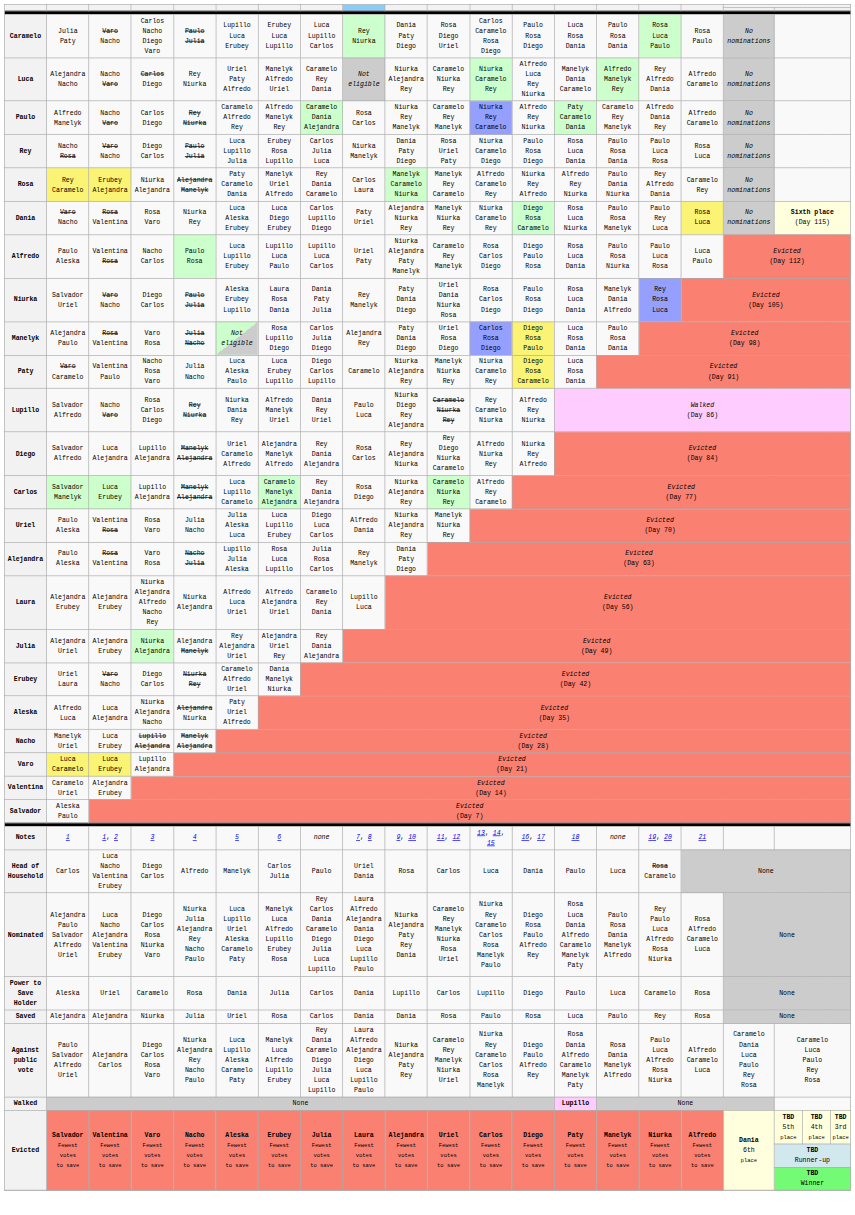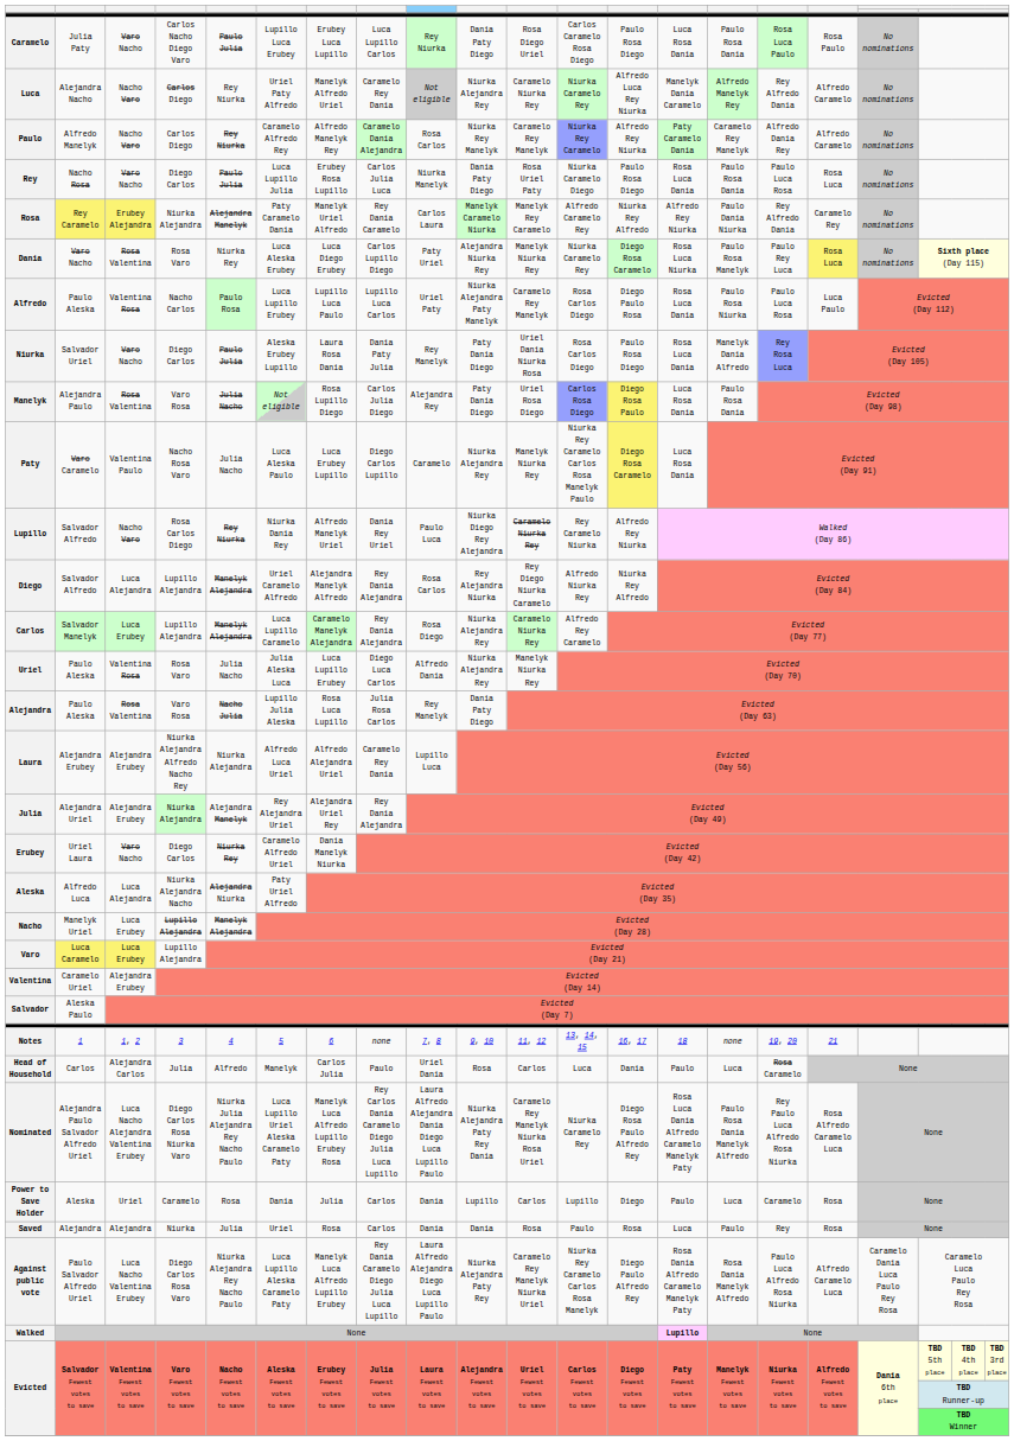 <table class="wikitable" style="text-align:center; width:100%; font-size:75%; line-height:15px">
 <tr>
 <th rowspan=2 style=width:5%></th>
 <th scope=col rowspan=2 style=width:5%></th>
 <th scope=col rowspan=2 style=width:5%></th>
 <th scope=col rowspan=2 style=width:5%></th>
 <th scope=col rowspan=2 style=width:5%></th>
 <th scope=col rowspan=2 style=width:5%></th>
 <th scope=col rowspan=2 style=width:5%></th>
 <th scope=col rowspan=2 style=width:5%></th>
 <th rowspan=2 style=background:#87CEFA;width:5%;></th>
 <th scope=col rowspan=2 style=width:5%></th>
 <th scope=col rowspan=2 style=width:5%></th>
 <th scope=col rowspan=2 style=width:5%></th>
 <th scope=col rowspan=2 style=width:5%></th>
 <th scope=col rowspan=2 style=width:5%></th>
 <th scope=col rowspan=2 style=width:5%></th>
 <th scope=col rowspan=2 style=width:5%></th>
 <th scope=col rowspan=2 style=width:5%></th>
 <th colspan=4 style=width:10%></th>
 </tr>
 <tr>
 <th scope=col style=width:6%;></th>
 <th colspan=3 style=width:10%></th>
 </tr>
 <tr>
 <th style=background:#000000; colspan=21></th>
 </tr>
 <tr>
 <th>Caramelo</th>
 <td>Julia<br>Paty</td>
 <td><s>Varo</s><br>Nacho</td>
 <td>Carlos<br>Nacho<br>Diego<br>Varo</td>
 <td><s>Paulo<br>Julia</s></td>
 <td>Lupillo<br>Luca<br>Erubey</td>
 <td>Erubey<br>Luca<br>Lupillo</td>
 <td>Luca<br>Lupillo<br>Carlos</td>
 <td style=background:#cfc;>Rey<br>Niurka</td>
 <td>Dania<br>Paty<br>Diego</td>
 <td>Rosa<br>Diego<br>Uriel</td>
 <td>Carlos<br>Caramelo<br>Rosa<br>Diego</td>
 <td>Paulo<br>Rosa<br>Diego</td>
 <td>Luca<br>Rosa<br>Dania</td>
 <td>Paulo<br>Rosa<br>Dania</td>
 <td style=background:#cfc;>Rosa<br>Luca<br>Paulo</td>
 <td>Rosa<br>Paulo</td>
 <td style=background:#CCCCCC;><em>No<br>nominations</em></td>
 <td colspan=3></td>
 </tr>
 <tr>
 <th>Luca</th>
 <td>Alejandra<br>Nacho</td>
 <td>Nacho<br><s>Varo</s></td>
 <td><s>Carlos</s><br>Diego</td>
 <td>Rey<br>Niurka</td>
 <td>Uriel<br>Paty<br>Alfredo</td>
 <td>Manelyk<br>Alfredo<br>Uriel</td>
 <td>Caramelo<br>Rey<br>Dania</td>
 <td style=background:#CCCCCC><em>Not<br>eligible</em></td>
 <td>Niurka<br>Alejandra<br>Rey</td>
 <td>Caramelo<br>Niurka<br>Rey</td>
 <td style=background:#cfc;>Niurka<br>Caramelo<br>Rey</td>
 <td>Alfredo<br>Luca<br>Rey<br>Niurka</td>
 <td>Manelyk<br>Dania<br>Caramelo</td>
 <td style=background:#cfc;>Alfredo<br>Manelyk<br>Rey</td>
 <td>Rey<br>Alfredo<br>Dania</td>
 <td>Alfredo<br>Caramelo</td>
 <td style=background:#CCCCCC;><em>No<br>nominations</em></td>
 <td colspan=3></td>
 </tr>
 <tr>
 <th>Paulo</th>
 <td>Alfredo<br>Manelyk</td>
 <td>Nacho<br><s>Varo</s></td>
 <td>Carlos<br>Diego</td>
 <td><s>Rey<br>Niurka</s></td>
 <td>Caramelo<br>Alfredo<br>Rey</td>
 <td>Alfredo<br>Manelyk<br>Rey</td>
 <td style=background:#cfc;>Caramelo<br>Dania<br>Alejandra</td>
 <td>Rosa<br>Carlos</td>
 <td>Niurka<br>Rey<br>Manelyk</td>
 <td>Caramelo<br>Rey<br>Manelyk</td>
 <td style=background:#959ffd>Niurka<br>Rey<br>Caramelo</td>
 <td>Alfredo<br>Rey<br>Niurka</td>
 <td style=background:#cfc;>Paty<br>Caramelo<br>Dania</td>
 <td>Caramelo<br>Rey<br>Manelyk</td>
 <td>Alfredo<br>Dania<br>Rey</td>
 <td>Alfredo<br>Caramelo</td>
 <td style=background:#CCCCCC;><em>No<br>nominations</em></td>
 <td colspan=3></td>
 </tr>
 <tr>
 <th>Rey</th>
 <td>Nacho<br><s>Rosa</s></td>
 <td><s>Varo</s><br>Nacho</td>
 <td>Diego<br>Carlos</td>
 <td><s>Paulo<br>Julia</s></td>
 <td>Luca<br>Lupillo<br>Julia</td>
 <td>Erubey<br>Rosa<br>Lupillo</td>
 <td>Carlos<br>Julia<br>Luca</td>
 <td>Niurka<br>Manelyk</td>
 <td>Dania<br>Paty<br>Diego</td>
 <td>Rosa<br>Uriel<br>Paty</td>
 <td>Niurka<br>Caramelo<br>Diego</td>
 <td>Paulo<br>Rosa<br>Diego</td>
 <td>Rosa<br>Luca<br>Dania</td>
 <td>Paulo<br>Rosa<br>Dania</td>
 <td>Paulo<br>Luca<br>Rosa</td>
 <td>Rosa<br>Luca</td>
 <td style=background:#CCCCCC;><em>No<br>nominations</em></td>
 <td colspan=3></td>
 </tr>
 <tr>
 <th>Rosa</th>
 <td style=background:#FBF373>Rey<br>Caramelo</td>
 <td style=background:#FBF373>Erubey<br>Alejandra</td>
 <td>Niurka<br>Alejandra</td>
 <td><s>Alejandra<br>Manelyk</s></td>
 <td>Paty<br>Caramelo<br>Dania</td>
 <td>Manelyk<br>Uriel<br>Alfredo</td>
 <td>Rey<br>Dania<br>Caramelo</td>
 <td>Carlos<br>Laura</td>
 <td style=background:#cfc;>Manelyk<br>Caramelo<br>Niurka</td>
 <td>Manelyk<br>Rey<br>Caramelo</td>
 <td>Alfredo<br>Caramelo<br>Rey</td>
 <td>Niurka<br>Rey<br>Alfredo</td>
 <td>Alfredo<br>Rey<br>Niurka</td>
 <td>Paulo<br>Dania<br>Niurka</td>
 <td>Rey<br>Alfredo<br>Dania</td>
 <td>Caramelo<br>Rey</td>
 <td style=background:#CCCCCC;><em>No<br>nominations</em></td>
 <td colspan=3></td>
 </tr>
 <tr>
 <th>Dania</th>
 <td><s>Varo</s><br>Nacho</td>
 <td><s>Rosa</s><br>Valentina</td>
 <td>Rosa<br>Varo</td>
 <td>Niurka<br>Rey</td>
 <td>Luca<br>Aleska<br>Erubey</td>
 <td>Luca<br>Diego<br>Erubey</td>
 <td>Carlos<br>Lupillo<br>Diego</td>
 <td>Paty<br>Uriel</td>
 <td>Alejandra<br>Niurka<br>Rey</td>
 <td>Manelyk<br>Niurka<br>Rey</td>
 <td>Niurka<br>Caramelo<br>Rey</td>
 <td style=background:#cfc;>Diego<br>Rosa<br>Caramelo</td>
 <td>Rosa<br>Luca<br>Niurka</td>
 <td>Paulo<br>Rosa<br>Manelyk</td>
 <td>Paulo<br>Rey<br>Luca</td>
 <td style=background:#FBF373>Rosa<br>Luca</td>
 <td style=background:#CCCCCC;><em>No<br>nominations</em></td>
 <td colspan=3 style=background:#FFFFDD;><strong>Sixth place</strong><br>(Day 115)</td>
 </tr>
 <tr>
 <th>Alfredo</th>
 <td>Paulo<br>Aleska</td>
 <td>Valentina<br><s>Rosa</s></td>
 <td>Nacho<br>Carlos</td>
 <td style=background:#cfc;>Paulo<br>Rosa</td>
 <td>Luca<br>Lupillo<br>Erubey</td>
 <td>Lupillo<br>Luca<br>Paulo</td>
 <td>Lupillo<br>Luca<br>Carlos</td>
 <td>Uriel<br>Paty</td>
 <td>Niurka<br>Alejandra<br>Paty<br>Manelyk</td>
 <td>Caramelo<br>Rey<br>Manelyk</td>
 <td>Rosa<br>Carlos<br>Diego</td>
 <td>Diego<br>Paulo<br>Rosa</td>
 <td>Rosa<br>Luca<br>Dania</td>
 <td>Paulo<br>Rosa<br>Niurka</td>
 <td>Paulo<br>Luca<br>Rosa</td>
 <td>Luca<br>Paulo</td>
 <td colspan=4 style=background:salmon;><em>Evicted</em><br>(Day 112)</td>
 </tr>
 <tr>
 <th>Niurka</th>
 <td>Salvador<br>Uriel</td>
 <td><s>Varo</s><br>Nacho</td>
 <td>Diego<br>Carlos</td>
 <td><s>Paulo<br>Julia</s></td>
 <td>Aleska<br>Erubey<br>Lupillo</td>
 <td>Laura<br>Rosa<br>Dania</td>
 <td>Dania<br>Paty<br>Julia</td>
 <td>Rey<br>Manelyk</td>
 <td>Paty<br>Dania<br>Diego</td>
 <td>Uriel<br>Dania<br>Niurka<br>Rosa</td>
 <td>Rosa<br>Carlos<br>Diego</td>
 <td>Paulo<br>Rosa<br>Diego</td>
 <td>Rosa<br>Luca<br>Dania</td>
 <td>Manelyk<br>Dania<br>Alfredo</td>
 <td style=background:#959ffd>Rey<br>Rosa<br>Luca</td>
 <td colspan=5 style=background:salmon;><em>Evicted</em><br>(Day 105)</td>
 </tr>
 <tr>
 <th>Manelyk</th>
 <td>Alejandra<br>Paulo</td>
 <td><s>Rosa</s><br>Valentina</td>
 <td>Varo<br>Rosa</td>
 <td><s>Julia<br>Nacho</s></td>
 <td style="background-image: linear-gradient(to right bottom, #cfc 50%, #CCCCCC 50%);"><em>Not<br>eligible</em></td>
 <td>Rosa<br>Lupillo<br>Diego</td>
 <td>Carlos<br>Julia<br>Diego</td>
 <td>Alejandra<br>Rey</td>
 <td>Paty<br>Dania<br>Diego</td>
 <td>Uriel<br>Rosa<br>Diego</td>
 <td style=background:#959ffd>Carlos<br>Rosa<br>Diego</td>
 <td style=background:#FBF373>Diego<br>Rosa<br>Paulo</td>
 <td>Luca<br>Rosa<br>Dania</td>
 <td>Paulo<br>Rosa<br>Dania</td>
 <td colspan=6 style=background:salmon;><em>Evicted</em><br>(Day 98)</td>
 </tr>
 <tr>
 <th>Paty</th>
 <td><s>Varo</s><br>Caramelo</td>
 <td>Valentina<br>Paulo</td>
 <td>Nacho<br>Rosa<br>Varo</td>
 <td>Julia<br>Nacho</td>
 <td>Luca<br>Aleska<br>Paulo</td>
 <td>Luca<br>Erubey<br>Lupillo</td>
 <td>Diego<br>Carlos<br>Lupillo</td>
 <td>Caramelo</td>
 <td>Niurka<br>Alejandra<br>Rey</td>
 <td>Manelyk<br>Niurka<br>Rey</td>
-<td>Niurka<br>Caramelo<br>Rey</td>
+<td>Niurka<br>Rey<br>Caramelo<br>Carlos<br>Rosa<br>Manelyk<br>Paulo</td>
 <td style=background:#FBF373>Diego<br>Rosa<br>Caramelo</td>
 <td>Luca<br>Rosa<br>Dania</td>
 <td colspan=7 style=background:salmon;><em>Evicted</em><br>(Day 91)</td>
 </tr>
 <tr>
 <th>Lupillo</th>
 <td>Salvador<br>Alfredo</td>
 <td>Nacho<br><s>Varo</s></td>
 <td>Rosa<br>Carlos<br>Diego</td>
 <td><s>Rey<br>Niurka</s></td>
 <td>Niurka<br>Dania<br>Rey</td>
 <td>Alfredo<br>Manelyk<br>Uriel</td>
 <td>Dania<br>Rey<br>Uriel</td>
 <td>Paulo<br>Luca</td>
 <td>Niurka<br>Diego<br>Rey<br>Alejandra</td>
 <td><s>Caramelo<br>Niurka<br>Rey</s></td>
 <td>Rey<br>Caramelo<br>Niurka</td>
 <td>Alfredo<br>Rey<br>Niurka</td>
 <td colspan=8 style=background:#fcf;><em>Walked</em><br>(Day 86)</td>
 </tr>
 <tr>
 <th>Diego</th>
 <td>Salvador<br>Alfredo</td>
 <td>Luca<br>Alejandra</td>
 <td>Lupillo<br>Alejandra</td>
 <td><s>Manelyk<br>Alejandra</s></td>
 <td>Uriel<br>Caramelo<br>Alfredo</td>
 <td>Alejandra<br>Manelyk<br>Alfredo</td>
 <td>Rey<br>Dania<br>Alejandra</td>
 <td>Rosa<br>Carlos</td>
 <td>Rey<br>Alejandra<br>Niurka</td>
 <td>Rey<br>Diego<br>Niurka<br>Caramelo</td>
 <td>Alfredo<br>Niurka<br>Rey</td>
 <td>Niurka<br>Rey<br>Alfredo</td>
 <td colspan=8 style=background:salmon;><em>Evicted</em><br>(Day 84)</td>
 </tr>
 <tr>
 <th>Carlos</th>
 <td style=background:#cfc;>Salvador<br>Manelyk</td>
 <td style=background:#cfc;>Luca<br>Erubey</td>
 <td>Lupillo<br>Alejandra</td>
 <td><s>Manelyk<br>Alejandra</s></td>
 <td>Luca<br>Lupillo<br>Caramelo</td>
 <td style=background:#cfc;>Caramelo<br>Manelyk<br>Alejandra</td>
 <td>Rey<br>Dania<br>Alejandra</td>
 <td>Rosa<br>Diego</td>
 <td>Niurka<br>Alejandra<br>Rey</td>
 <td style=background:#cfc;>Caramelo<br>Niurka<br>Rey</td>
 <td>Alfredo<br>Rey<br>Caramelo</td>
 <td colspan=9 style=background:salmon;><em>Evicted</em><br>(Day 77)</td>
 </tr>
 <tr>
 <th>Uriel</th>
 <td>Paulo<br>Aleska</td>
 <td>Valentina<br><s>Rosa</s></td>
 <td>Rosa<br>Varo</td>
 <td>Julia<br>Nacho</td>
 <td>Julia<br>Aleska<br>Luca</td>
 <td>Luca<br>Lupillo<br>Erubey</td>
 <td>Diego<br>Luca<br>Carlos</td>
 <td>Alfredo<br>Dania</td>
 <td>Niurka<br>Alejandra<br>Rey</td>
 <td>Manelyk<br>Niurka<br>Rey</td>
 <td colspan=10 style=background:salmon;><em>Evicted</em><br>(Day 70)</td>
 </tr>
 <tr>
 <th>Alejandra</th>
 <td>Paulo<br>Aleska</td>
 <td><s>Rosa</s><br>Valentina</td>
 <td>Varo<br>Rosa</td>
 <td><s>Nacho<br>Julia</s></td>
 <td>Lupillo<br>Julia<br>Aleska</td>
 <td>Rosa<br>Luca<br>Lupillo</td>
 <td>Julia<br>Rosa<br>Carlos</td>
 <td>Rey<br>Manelyk</td>
 <td>Dania<br>Paty<br>Diego</td>
 <td colspan=11 style=background:salmon;><em>Evicted</em><br>(Day 63)</td>
 </tr>
 <tr>
 <th>Laura</th>
 <td>Alejandra<br>Erubey</td>
 <td>Alejandra<br>Erubey</td>
 <td>Niurka<br>Alejandra<br>Alfredo<br>Nacho<br>Rey</td>
 <td>Niurka<br>Alejandra</td>
 <td>Alfredo<br>Luca<br>Uriel</td>
 <td>Alfredo<br>Alejandra<br>Uriel</td>
 <td>Caramelo<br>Rey<br>Dania</td>
 <td>Lupillo<br>Luca</td>
 <td colspan=12 style=background:salmon;><em>Evicted</em><br>(Day 56)</td>
 </tr>
 <tr>
 <th>Julia</th>
 <td>Alejandra<br>Uriel</td>
 <td>Alejandra<br>Erubey</td>
 <td style=background:#cfc;>Niurka<br>Alejandra</td>
 <td>Alejandra<br><s>Manelyk</s></td>
 <td>Rey<br>Alejandra<br>Uriel</td>
 <td>Alejandra<br>Uriel<br>Rey</td>
 <td>Rey<br>Dania<br>Alejandra</td>
 <td colspan=13 style=background:salmon;><em>Evicted</em><br>(Day 49)</td>
 </tr>
 <tr>
 <th>Erubey</th>
 <td>Uriel<br>Laura</td>
 <td><s>Varo</s><br>Nacho</td>
 <td>Diego<br>Carlos</td>
 <td><s>Niurka<br>Rey</s></td>
 <td>Caramelo<br>Alfredo<br>Uriel</td>
 <td>Dania<br>Manelyk<br>Niurka</td>
 <td colspan=14 style=background:salmon;><em>Evicted</em><br>(Day 42)</td>
 </tr>
 <tr>
 <th>Aleska</th>
 <td>Alfredo<br>Luca</td>
 <td>Luca<br>Alejandra</td>
 <td>Niurka<br>Alejandra<br>Nacho</td>
 <td><s>Alejandra</s><br>Niurka</td>
 <td>Paty<br>Uriel<br>Alfredo</td>
 <td colspan=15 style=background:salmon;><em>Evicted</em><br>(Day 35)</td>
 </tr>
 <tr>
 <th>Nacho</th>
 <td>Manelyk<br>Uriel</td>
 <td>Luca<br>Erubey</td>
 <td><s>Lupillo</s><br><s>Alejandra</s></td>
 <td><s>Manelyk<br>Alejandra</s></td>
 <td colspan=16 style=background:salmon;><em>Evicted</em><br>(Day 28)</td>
 </tr>
 <tr>
 <th>Varo</th>
 <td style=background:#FBF373>Luca<br>Caramelo</td>
 <td style=background:#FBF373>Luca<br>Erubey</td>
 <td>Lupillo<br>Alejandra</td>
 <td colspan=17 style=background:salmon;><em>Evicted</em><br>(Day 21)</td>
 </tr>
 <tr>
 <th>Valentina</th>
 <td>Caramelo<br>Uriel</td>
 <td>Alejandra<br>Erubey</td>
 <td colspan=18 style=background:salmon;><em>Evicted</em><br>(Day 14)</td>
 </tr>
 <tr>
 <th>Salvador</th>
 <td>Aleska<br>Paulo</td>
 <td colspan=19 style=background:salmon;><em>Evicted</em><br>(Day 7)</td>
 </tr>
 <tr>
 <th style=background:#000000; colspan=21></th>
 </tr>
 <tr>
 <th>Notes</th>
 <td><em><a href='#'>1</a></em></td>
 <td><em><a href='#'>1</a></em>, <em><a href='#'>2</a></em></td>
 <td><em><a href='#'>3</a></em></td>
 <td><em><a href='#'>4</a></em></td>
 <td><em><a href='#'>5</a></em></td>
 <td><em><a href='#'>6</a></em></td>
 <td><em>none</em></td>
 <td><em><a href='#'>7</a></em>, <em><a href='#'>8</a></em></td>
 <td><em><a href='#'>9</a></em>, <em><a href='#'>10</a></em></td>
 <td><em><a href='#'>11</a></em>, <em><a href='#'>12</a></em></td>
 <td><em><a href='#'>13</a></em>, <em><a href='#'>14</a></em>, <em><a href='#'>15</a></em></td>
 <td><em><a href='#'>16</a></em>, <em><a href='#'>17</a></em></td>
 <td><em><a href='#'>18</a></em></td>
 <td><em>none</em></td>
 <td><em><a href='#'>19</a></em>, <em><a href='#'>20</a></em></td>
 <td><em><a href='#'>21</a></em></td>
 <td></td>
 <td colspan=3></td>
 </tr>
 <tr>
 <th>Head of Household</th>
 <td>Carlos</td>
-<td>Luca<br>Nacho<br>Valentina<br>Erubey</td>
-<td>Diego<br>Carlos</td>
+<td>Alejandra<br>Carlos</td>
+<td>Julia</td>
 <td>Alfredo</td>
 <td>Manelyk</td>
 <td>Carlos<br>Julia</td>
 <td>Paulo</td>
 <td>Uriel<br>Dania</td>
 <td>Rosa</td>
 <td>Carlos</td>
 <td>Luca</td>
 <td>Dania</td>
 <td>Paulo</td>
 <td>Luca</td>
 <td><s>Rosa</s><br>Caramelo</td>
 <td colspan=5 style=background:#ccc;>None</td>
 </tr>
 <tr>
 <th>Nominated</th>
 <td>Alejandra<br>Paulo<br>Salvador<br>Alfredo<br>Uriel</td>
 <td>Luca<br>Nacho<br>Alejandra<br>Valentina<br>Erubey</td>
 <td>Diego<br>Carlos<br>Rosa<br>Niurka<br>Varo</td>
 <td>Niurka<br>Julia<br>Alejandra<br>Rey<br>Nacho<br>Paulo</td>
 <td>Luca<br>Lupillo<br>Uriel<br>Aleska<br>Caramelo<br>Paty</td>
 <td>Manelyk<br>Luca<br>Alfredo<br>Lupillo<br>Erubey<br>Rosa</td>
 <td>Rey<br>Carlos<br>Dania<br>Caramelo<br>Diego<br>Julia<br>Luca<br>Lupillo</td>
 <td>Laura<br>Alfredo<br>Alejandra<br>Dania<br>Diego<br>Luca<br>Lupillo<br>Paulo</td>
 <td>Niurka<br>Alejandra<br>Paty<br>Rey<br>Dania</td>
 <td>Caramelo<br>Rey<br>Manelyk<br>Niurka<br>Rosa<br>Uriel</td>
-<td>Niurka<br>Rey<br>Caramelo<br>Carlos<br>Rosa<br>Manelyk<br>Paulo</td>
+<td>Niurka<br>Caramelo<br>Rey</td>
 <td>Diego<br>Rosa<br>Paulo<br>Alfredo<br>Rey</td>
 <td>Rosa<br>Luca<br>Dania<br>Alfredo<br>Caramelo<br>Manelyk<br>Paty</td>
 <td>Paulo<br>Rosa<br>Dania<br>Manelyk<br>Alfredo</td>
 <td>Rey<br>Paulo<br>Luca<br>Alfredo<br>Rosa<br>Niurka</td>
 <td>Rosa<br>Alfredo<br>Caramelo<br>Luca</td>
 <td colspan=4 style=background:#ccc;>None</td>
 </tr>
 <tr>
 <th>Power to Save<br>Holder</th>
 <td>Aleska</td>
 <td>Uriel</td>
 <td>Caramelo</td>
 <td>Rosa</td>
 <td>Dania</td>
 <td>Julia</td>
 <td>Carlos</td>
 <td>Dania</td>
 <td>Lupillo</td>
 <td>Carlos</td>
 <td>Lupillo</td>
 <td>Diego</td>
 <td>Paulo</td>
 <td>Luca</td>
 <td>Caramelo</td>
 <td>Rosa</td>
 <td colspan=4 style=background:#ccc;>None</td>
 </tr>
 <tr>
 <th>Saved</th>
 <td>Alejandra</td>
 <td>Alejandra</td>
 <td>Niurka</td>
 <td>Julia</td>
 <td>Uriel</td>
 <td>Rosa</td>
 <td>Carlos</td>
 <td>Dania</td>
 <td>Dania</td>
 <td>Rosa</td>
 <td>Paulo</td>
 <td>Rosa</td>
 <td>Luca</td>
 <td>Paulo</td>
 <td>Rey</td>
 <td>Rosa</td>
 <td colspan=4 style=background:#ccc;>None</td>
 </tr>
 <tr>
 <th>Against<br>public vote</th>
 <td>Paulo<br>Salvador<br>Alfredo<br>Uriel</td>
-<td>Alejandra<br>Carlos</td>
+<td>Luca<br>Nacho<br>Valentina<br>Erubey</td>
 <td>Diego<br>Carlos<br>Rosa<br>Varo</td>
 <td>Niurka<br>Alejandra<br>Rey<br>Nacho<br>Paulo</td>
 <td>Luca<br>Lupillo<br>Aleska<br>Caramelo<br>Paty</td>
 <td>Manelyk<br>Luca<br>Alfredo<br>Lupillo<br>Erubey</td>
 <td>Rey<br>Dania<br>Caramelo<br>Diego<br>Julia<br>Luca<br>Lupillo</td>
 <td>Laura<br>Alfredo<br>Alejandra<br>Diego<br>Luca<br>Lupillo<br>Paulo</td>
 <td>Niurka<br>Alejandra<br>Paty<br>Rey</td>
 <td>Caramelo<br>Rey<br>Manelyk<br>Niurka<br>Uriel</td>
 <td>Niurka<br>Rey<br>Caramelo<br>Carlos<br>Rosa<br>Manelyk</td>
 <td>Diego<br>Paulo<br>Alfredo<br>Rey</td>
 <td>Rosa<br>Dania<br>Alfredo<br>Caramelo<br>Manelyk<br>Paty</td>
 <td>Rosa<br>Dania<br>Manelyk<br>Alfredo</td>
 <td>Paulo<br>Luca<br>Alfredo<br>Rosa<br>Niurka</td>
 <td>Alfredo<br>Caramelo<br>Luca</td>
 <td>Caramelo<br>Dania<br>Luca<br>Paulo<br>Rey<br>Rosa</td>
 <td colspan=3>Caramelo<br>Luca<br>Paulo<br>Rey<br>Rosa</td>
 </tr>
 <tr>
 <th>Walked</th>
 <td colspan=12 style=background:#ccc;>None</td>
 <td style=background:#fcf;><strong>Lupillo</strong></td>
 <td colspan=4 style=background:#ccc;>None</td>
 <td colspan=3></td>
 </tr>
 <tr>
 <th rowspan=3>Evicted</th>
 <td rowspan=3 style=background:salmon;><strong>Salvador</strong><br><small>Fewest votes<br>to save</small></td>
 <td rowspan=3 style=background:salmon;><strong>Valentina</strong><br><small>Fewest votes<br>to save</small></td>
 <td rowspan=3 style=background:salmon;><strong>Varo</strong><br><small>Fewest votes<br>to save</small></td>
 <td rowspan=3 style=background:salmon;><strong>Nacho</strong><br><small>Fewest votes<br>to save</small></td>
 <td rowspan=3 style=background:salmon;><strong>Aleska</strong><br><small>Fewest votes<br>to save</small></td>
 <td rowspan=3 style=background:salmon;><strong>Erubey</strong><br><small>Fewest votes<br>to save</small></td>
 <td rowspan=3 style=background:salmon;><strong>Julia</strong><br><small>Fewest votes<br>to save</small></td>
 <td rowspan=3 style=background:salmon;><strong>Laura</strong><br><small>Fewest votes<br>to save</small></td>
 <td rowspan=3 style=background:salmon;><strong>Alejandra</strong><br><small>Fewest votes<br>to save</small></td>
 <td rowspan=3 style=background:salmon;><strong>Uriel</strong><br><small>Fewest votes<br>to save</small></td>
 <td rowspan=3 style=background:salmon;><strong>Carlos</strong><br><small>Fewest votes<br>to save</small></td>
 <td rowspan=3 style=background:salmon;><strong>Diego</strong><br><small>Fewest votes<br>to save</small></td>
 <td rowspan=3 style=background:salmon;><strong>Paty</strong><br><small>Fewest votes<br>to save</small></td>
 <td rowspan=3 style=background:salmon;><strong>Manelyk</strong><br><small>Fewest votes<br>to save</small></td>
 <td rowspan=3 style=background:salmon;><strong>Niurka</strong><br><small>Fewest votes<br>to save</small></td>
 <td rowspan=3 style=background:salmon;><strong>Alfredo</strong><br><small>Fewest votes<br>to save</small></td>
 <td rowspan=3 style=background:#FFFFDD><strong>Dania</strong><br>6th<br><small>place</small></td>
 <td style=background:#FFFFDD><strong>TBD</strong><br>5th<br><small>place</small></td>
 <td style=background:#FFFFDD><strong>TBD</strong><br>4th<br><small>place</small></td>
 <td style=background:#FFFFDD><strong>TBD</strong><br>3rd<br><small>place</small></td>
 </tr>
 <tr>
 <td colspan=3 style=background:#D1E8EF><strong>TBD</strong><br>Runner-up<br></td>
 </tr>
 <tr>
 <td colspan=3 style=background:#73FB76><strong>TBD</strong><br>Winner<br></td>
 </tr>
 <tr>
 </tr>
 </table>
